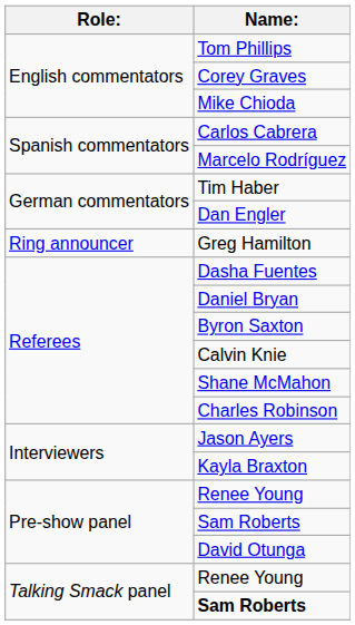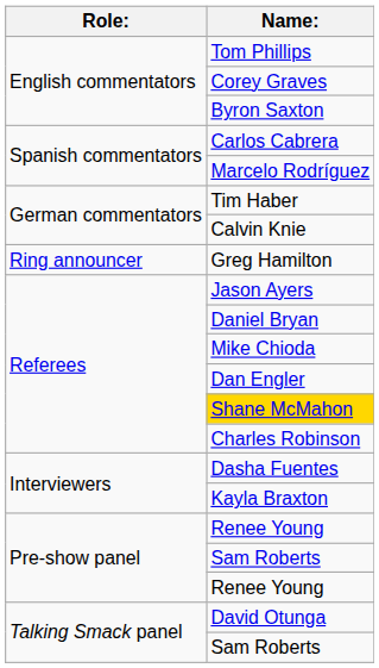 <table class=wikitable style="font-size:90%; margin: 0.5em 0 0.5em 1em; float: right; clear: right;">
 <tr>
 <th>Role:</th>
 <th>Name:</th>
 </tr>
 <tr>
 <td rowspan=3>English commentators</td>
 <td><a href='#'>Tom Phillips</a></td>
 </tr>
 <tr>
 <td><a href='#'>Corey Graves</a></td>
 </tr>
 <tr>
-<td><a href='#'>Mike Chioda</a></td>
+<td><a href='#'>Byron Saxton</a></td>
 </tr>
 <tr>
 <td rowspan=2>Spanish commentators</td>
 <td><a href='#'>Carlos Cabrera</a></td>
 </tr>
 <tr>
 <td><a href='#'>Marcelo Rodríguez</a></td>
 </tr>
 <tr>
 <td rowspan=2>German commentators</td>
 <td>Tim Haber</td>
 </tr>
 <tr>
-<td><a href='#'>Dan Engler</a></td>
+<td>Calvin Knie</td>
 </tr>
 <tr>
 <td><a href='#'>Ring announcer</a></td>
 <td>Greg Hamilton</td>
 </tr>
 <tr>
 <td rowspan=6><a href='#'>Referees</a></td>
-<td><a href='#'>Dasha Fuentes</a></td>
+<td><a href='#'>Jason Ayers</a></td>
 </tr>
 <tr>
 <td><a href='#'>Daniel Bryan</a></td>
 </tr>
 <tr>
-<td><a href='#'>Byron Saxton</a></td>
+<td><a href='#'>Mike Chioda</a></td>
 </tr>
 <tr>
-<td>Calvin Knie</td>
+<td><a href='#'>Dan Engler</a></td>
 </tr>
 <tr>
-<td><a href='#'>Shane McMahon</a></td>
+<td style="background: gold;"><a href='#'>Shane McMahon</a></td>
 </tr>
 <tr>
 <td><a href='#'>Charles Robinson</a></td>
 </tr>
 <tr>
 <td rowspan=2>Interviewers</td>
-<td><a href='#'>Jason Ayers</a></td>
+<td><a href='#'>Dasha Fuentes</a></td>
 </tr>
 <tr>
 <td><a href='#'>Kayla Braxton</a></td>
 </tr>
 <tr>
 <td rowspan=3>Pre-show panel</td>
 <td><a href='#'>Renee Young</a></td>
 </tr>
 <tr>
 <td><a href='#'>Sam Roberts</a></td>
 </tr>
 <tr>
+<td>Renee Young</td>
+</tr>
+<tr>
+<td rowspan=2><em>Talking Smack</em> panel</td>
 <td><a href='#'>David Otunga</a></td>
 </tr>
 <tr>
-<td rowspan=2><em>Talking Smack</em> panel</td>
-<td>Renee Young</td>
-</tr>
-<tr>
-<td><strong>Sam Roberts</strong></td>
+<td>Sam Roberts</td>
 </tr>
 </table>
